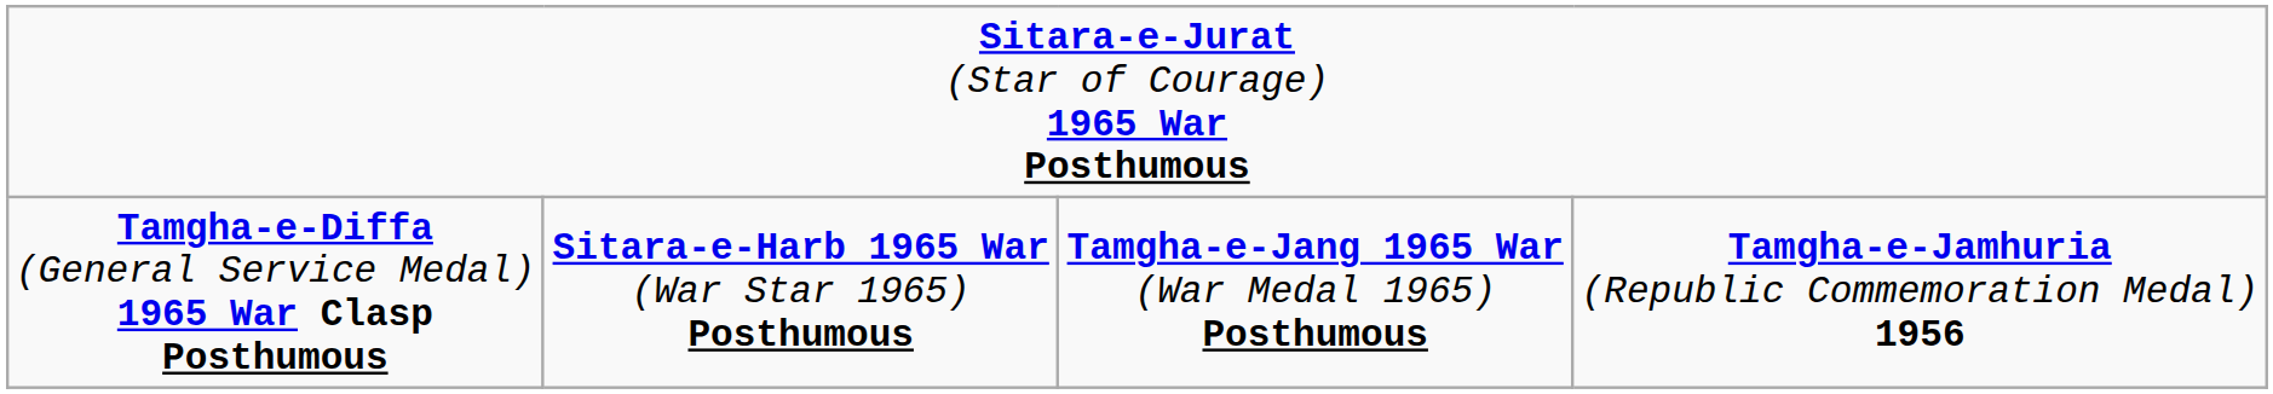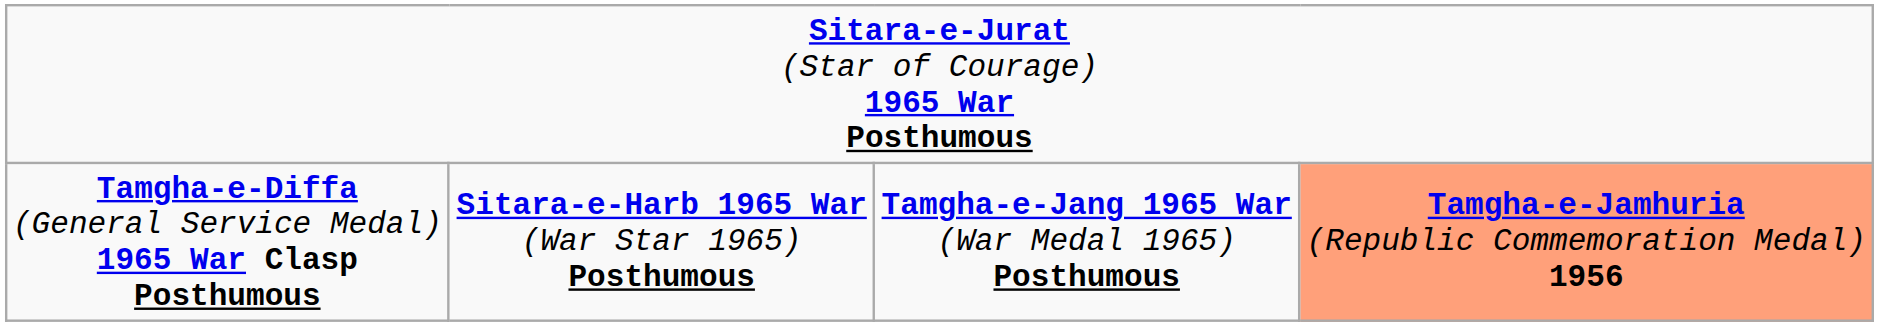 <table class="wikitable" style="margin:1em auto; text-align:center;">
 <tr>
 <td colspan="4"><strong><a href='#'>Sitara-e-Jurat</a></strong><br><em>(Star of Courage)</em><br><strong><a href='#'>1965 War</a></strong><br><strong><u>Posthumous</u></strong></td>
 </tr>
 <tr>
 <td><strong><a href='#'>Tamgha-e-Diffa</a></strong><br><em>(General Service Medal)</em><br><strong><a href='#'>1965 War</a> Clasp</strong><br><strong><u>Posthumous</u></strong></td>
 <td><strong><a href='#'>Sitara-e-Harb 1965 War</a></strong><br><em>(War Star 1965)</em><br><strong><u>Posthumous</u></strong></td>
 <td><strong><a href='#'>Tamgha-e-Jang 1965 War</a></strong><br><em>(War Medal 1965)</em><br><strong><u>Posthumous</u></strong></td>
-<td><strong><a href='#'>Tamgha-e-Jamhuria</a></strong><br><em>(Republic Commemoration Medal)</em><br><strong>1956</strong></td>
+<td style="background: lightsalmon;"><strong><a href='#'>Tamgha-e-Jamhuria</a></strong><br><em>(Republic Commemoration Medal)</em><br><strong>1956</strong></td>
 </tr>
 </table>
